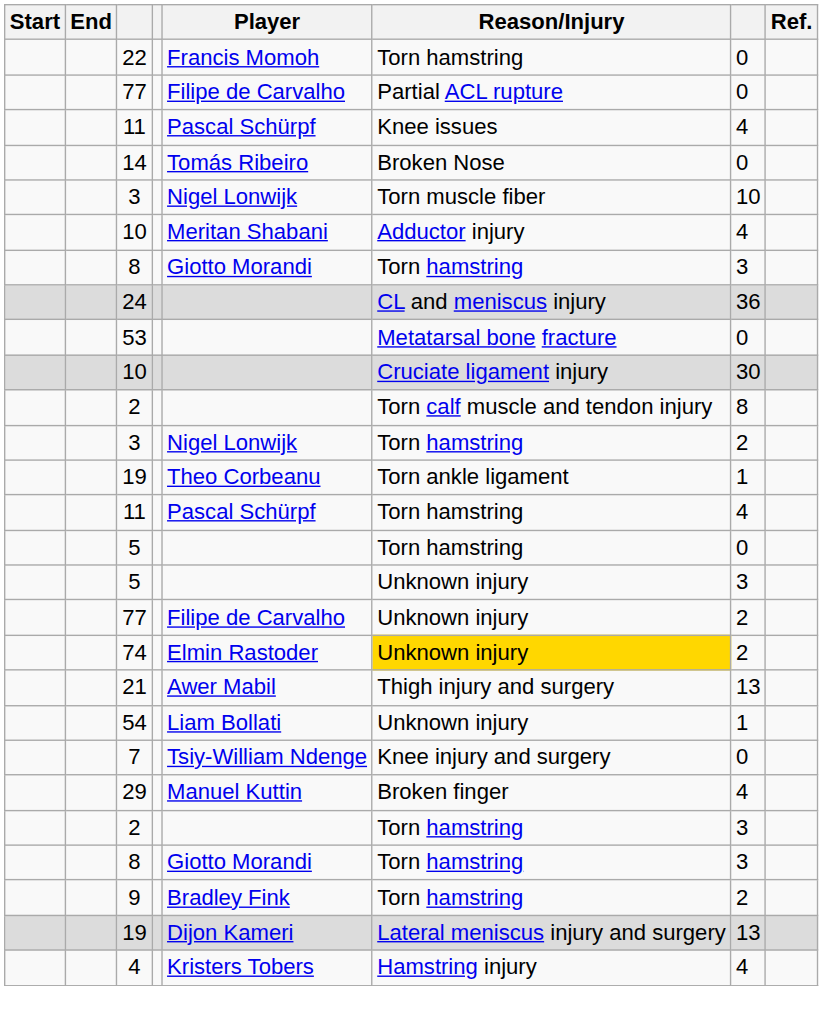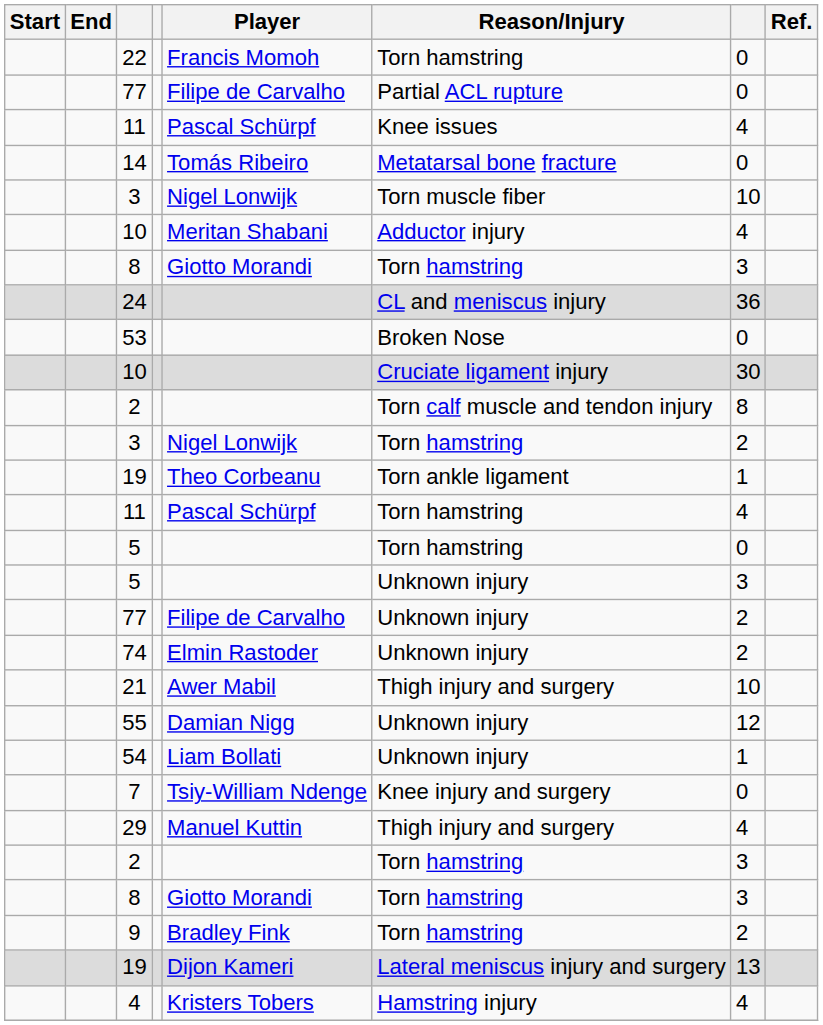 <table class="wikitable plainrowheaders sortable">
 <tr>
 <th scope=col>Start</th>
 <th scope=col>End</th>
 <th></th>
 <th></th>
 <th scope=col>Player</th>
 <th>Reason/Injury</th>
 <th scope=col></th>
 <th scope=col>Ref.</th>
 </tr>
 <tr>
 <td></td>
 <td></td>
 <td style="text-align:center">22</td>
 <td style="text-align:center"></td>
 <td> <a href='#'>Francis Momoh</a></td>
 <td>Torn hamstring</td>
 <td>0</td>
 <td></td>
 </tr>
 <tr>
 <td></td>
 <td></td>
 <td style="text-align:center">77</td>
 <td style="text-align:center"></td>
 <td> <a href='#'>Filipe de Carvalho</a></td>
 <td>Partial <a href='#'>ACL rupture</a></td>
 <td>0</td>
 <td></td>
 </tr>
 <tr>
 <td></td>
 <td></td>
 <td style="text-align:center">11</td>
 <td style="text-align:center"></td>
 <td> <a href='#'>Pascal Schürpf</a></td>
 <td>Knee issues</td>
 <td>4</td>
 <td></td>
 </tr>
 <tr>
 <td></td>
 <td></td>
 <td style="text-align:center">14</td>
 <td style="text-align:center"></td>
 <td> <a href='#'>Tomás Ribeiro</a></td>
-<td>Broken Nose</td>
+<td><a href='#'>Metatarsal bone</a> <a href='#'>fracture</a></td>
 <td>0</td>
 <td></td>
 </tr>
 <tr>
 <td></td>
 <td></td>
 <td style="text-align:center">3</td>
 <td style="text-align:center"></td>
 <td> <a href='#'>Nigel Lonwijk</a></td>
 <td>Torn muscle fiber</td>
 <td>10</td>
 <td></td>
 </tr>
 <tr>
 <td></td>
 <td></td>
 <td style="text-align:center">10</td>
 <td style="text-align:center"></td>
 <td> <a href='#'>Meritan Shabani</a></td>
 <td><a href='#'>Adductor</a> injury</td>
 <td>4</td>
 <td></td>
 </tr>
 <tr>
 <td></td>
 <td></td>
 <td style="text-align:center">8</td>
 <td style="text-align:center"></td>
 <td> <a href='#'>Giotto Morandi</a></td>
 <td>Torn <a href='#'>hamstring</a></td>
 <td>3</td>
 <td></td>
 </tr>
 <tr style="background:#dcdcdc;">
 <td></td>
 <td></td>
 <td style="text-align:center">24</td>
 <td style="text-align:center"></td>
 <td></td>
 <td><a href='#'>CL</a> and <a href='#'>meniscus</a> injury</td>
 <td>36</td>
 <td></td>
 </tr>
 <tr>
 <td></td>
 <td></td>
 <td style="text-align:center">53</td>
 <td style="text-align:center"></td>
 <td></td>
-<td><a href='#'>Metatarsal bone</a> <a href='#'>fracture</a></td>
+<td>Broken Nose</td>
 <td>0</td>
 <td></td>
 </tr>
 <tr style="background:#dcdcdc;">
 <td></td>
 <td></td>
 <td style="text-align:center">10</td>
 <td style="text-align:center"></td>
 <td></td>
 <td><a href='#'>Cruciate ligament</a> injury</td>
 <td>30</td>
 <td></td>
 </tr>
 <tr>
 <td></td>
 <td></td>
 <td style="text-align:center">2</td>
 <td style="text-align:center"></td>
 <td></td>
 <td>Torn <a href='#'>calf</a> muscle and tendon injury</td>
 <td>8</td>
 <td></td>
 </tr>
 <tr>
 <td></td>
 <td></td>
 <td style="text-align:center">3</td>
 <td style="text-align:center"></td>
 <td> <a href='#'>Nigel Lonwijk</a></td>
 <td>Torn <a href='#'>hamstring</a></td>
 <td>2</td>
 <td></td>
 </tr>
 <tr>
 <td></td>
 <td></td>
 <td style="text-align:center">19</td>
 <td style="text-align:center"></td>
 <td> <a href='#'>Theo Corbeanu</a></td>
 <td>Torn ankle ligament</td>
 <td>1</td>
 <td></td>
 </tr>
 <tr>
 <td></td>
 <td></td>
 <td style="text-align:center">11</td>
 <td style="text-align:center"></td>
 <td> <a href='#'>Pascal Schürpf</a></td>
 <td>Torn hamstring</td>
 <td>4</td>
 <td></td>
 </tr>
 <tr>
 <td></td>
 <td></td>
 <td align=center>5</td>
 <td align=center></td>
 <td></td>
 <td>Torn hamstring</td>
 <td>0</td>
 <td></td>
 </tr>
 <tr>
 <td></td>
 <td></td>
 <td align=center>5</td>
 <td align=center></td>
 <td></td>
 <td>Unknown injury</td>
 <td>3</td>
 <td></td>
 </tr>
 <tr>
 <td></td>
 <td></td>
 <td style="text-align:center">77</td>
 <td style="text-align:center"></td>
 <td> <a href='#'>Filipe de Carvalho</a></td>
 <td>Unknown injury</td>
 <td>2</td>
 <td></td>
 </tr>
 <tr>
 <td></td>
 <td></td>
 <td style="text-align:center">74</td>
 <td style="text-align:center"></td>
 <td> <a href='#'>Elmin Rastoder</a></td>
-<td style="background: gold;">Unknown injury</td>
+<td>Unknown injury</td>
 <td>2</td>
 <td></td>
 </tr>
 <tr>
 <td></td>
 <td></td>
 <td style="text-align:center">21</td>
 <td style="text-align:center"></td>
 <td> <a href='#'>Awer Mabil</a></td>
 <td>Thigh injury and surgery</td>
-<td>13</td>
+<td>10</td>
+<td></td>
+</tr>
+<tr>
+<td></td>
+<td></td>
+<td style="text-align:center">55</td>
+<td style="text-align:center"></td>
+<td> <a href='#'>Damian Nigg</a></td>
+<td>Unknown injury</td>
+<td>12</td>
 <td></td>
 </tr>
 <tr>
 <td></td>
 <td></td>
 <td style="text-align:center">54</td>
 <td style="text-align:center"></td>
 <td> <a href='#'>Liam Bollati</a></td>
 <td>Unknown injury</td>
 <td>1</td>
 <td></td>
 </tr>
 <tr>
 <td></td>
 <td></td>
 <td style="text-align:center">7</td>
 <td style="text-align:center"></td>
 <td> <a href='#'>Tsiy-William Ndenge</a></td>
 <td>Knee injury and surgery</td>
 <td>0</td>
 <td></td>
 </tr>
 <tr>
 <td></td>
 <td></td>
 <td style="text-align:center">29</td>
 <td style="text-align:center"></td>
 <td> <a href='#'>Manuel Kuttin</a></td>
-<td>Broken finger</td>
+<td>Thigh injury and surgery</td>
 <td>4</td>
 <td></td>
 </tr>
 <tr>
 <td></td>
 <td></td>
 <td style="text-align:center">2</td>
 <td style="text-align:center"></td>
 <td></td>
 <td>Torn <a href='#'>hamstring</a></td>
 <td>3</td>
 <td></td>
 </tr>
 <tr>
 <td></td>
 <td></td>
 <td style="text-align:center">8</td>
 <td style="text-align:center"></td>
 <td> <a href='#'>Giotto Morandi</a></td>
 <td>Torn <a href='#'>hamstring</a></td>
 <td>3</td>
 <td></td>
 </tr>
 <tr>
 <td></td>
 <td></td>
 <td style="text-align:center">9</td>
 <td style="text-align:center"></td>
 <td> <a href='#'>Bradley Fink</a></td>
 <td>Torn <a href='#'>hamstring</a></td>
 <td>2</td>
 <td></td>
 </tr>
 <tr style="background:#dcdcdc;">
 <td></td>
 <td></td>
 <td style="text-align:center">19</td>
 <td style="text-align:center"></td>
 <td> <a href='#'>Dijon Kameri</a></td>
 <td><a href='#'>Lateral meniscus</a> injury and surgery</td>
 <td>13</td>
 <td></td>
 </tr>
 <tr>
 <td></td>
 <td></td>
 <td style="text-align:center">4</td>
 <td style="text-align:center"></td>
 <td> <a href='#'>Kristers Tobers</a></td>
 <td><a href='#'>Hamstring</a> injury</td>
 <td>4</td>
 <td></td>
 </tr>
 <tr>
 </tr>
 </table>
